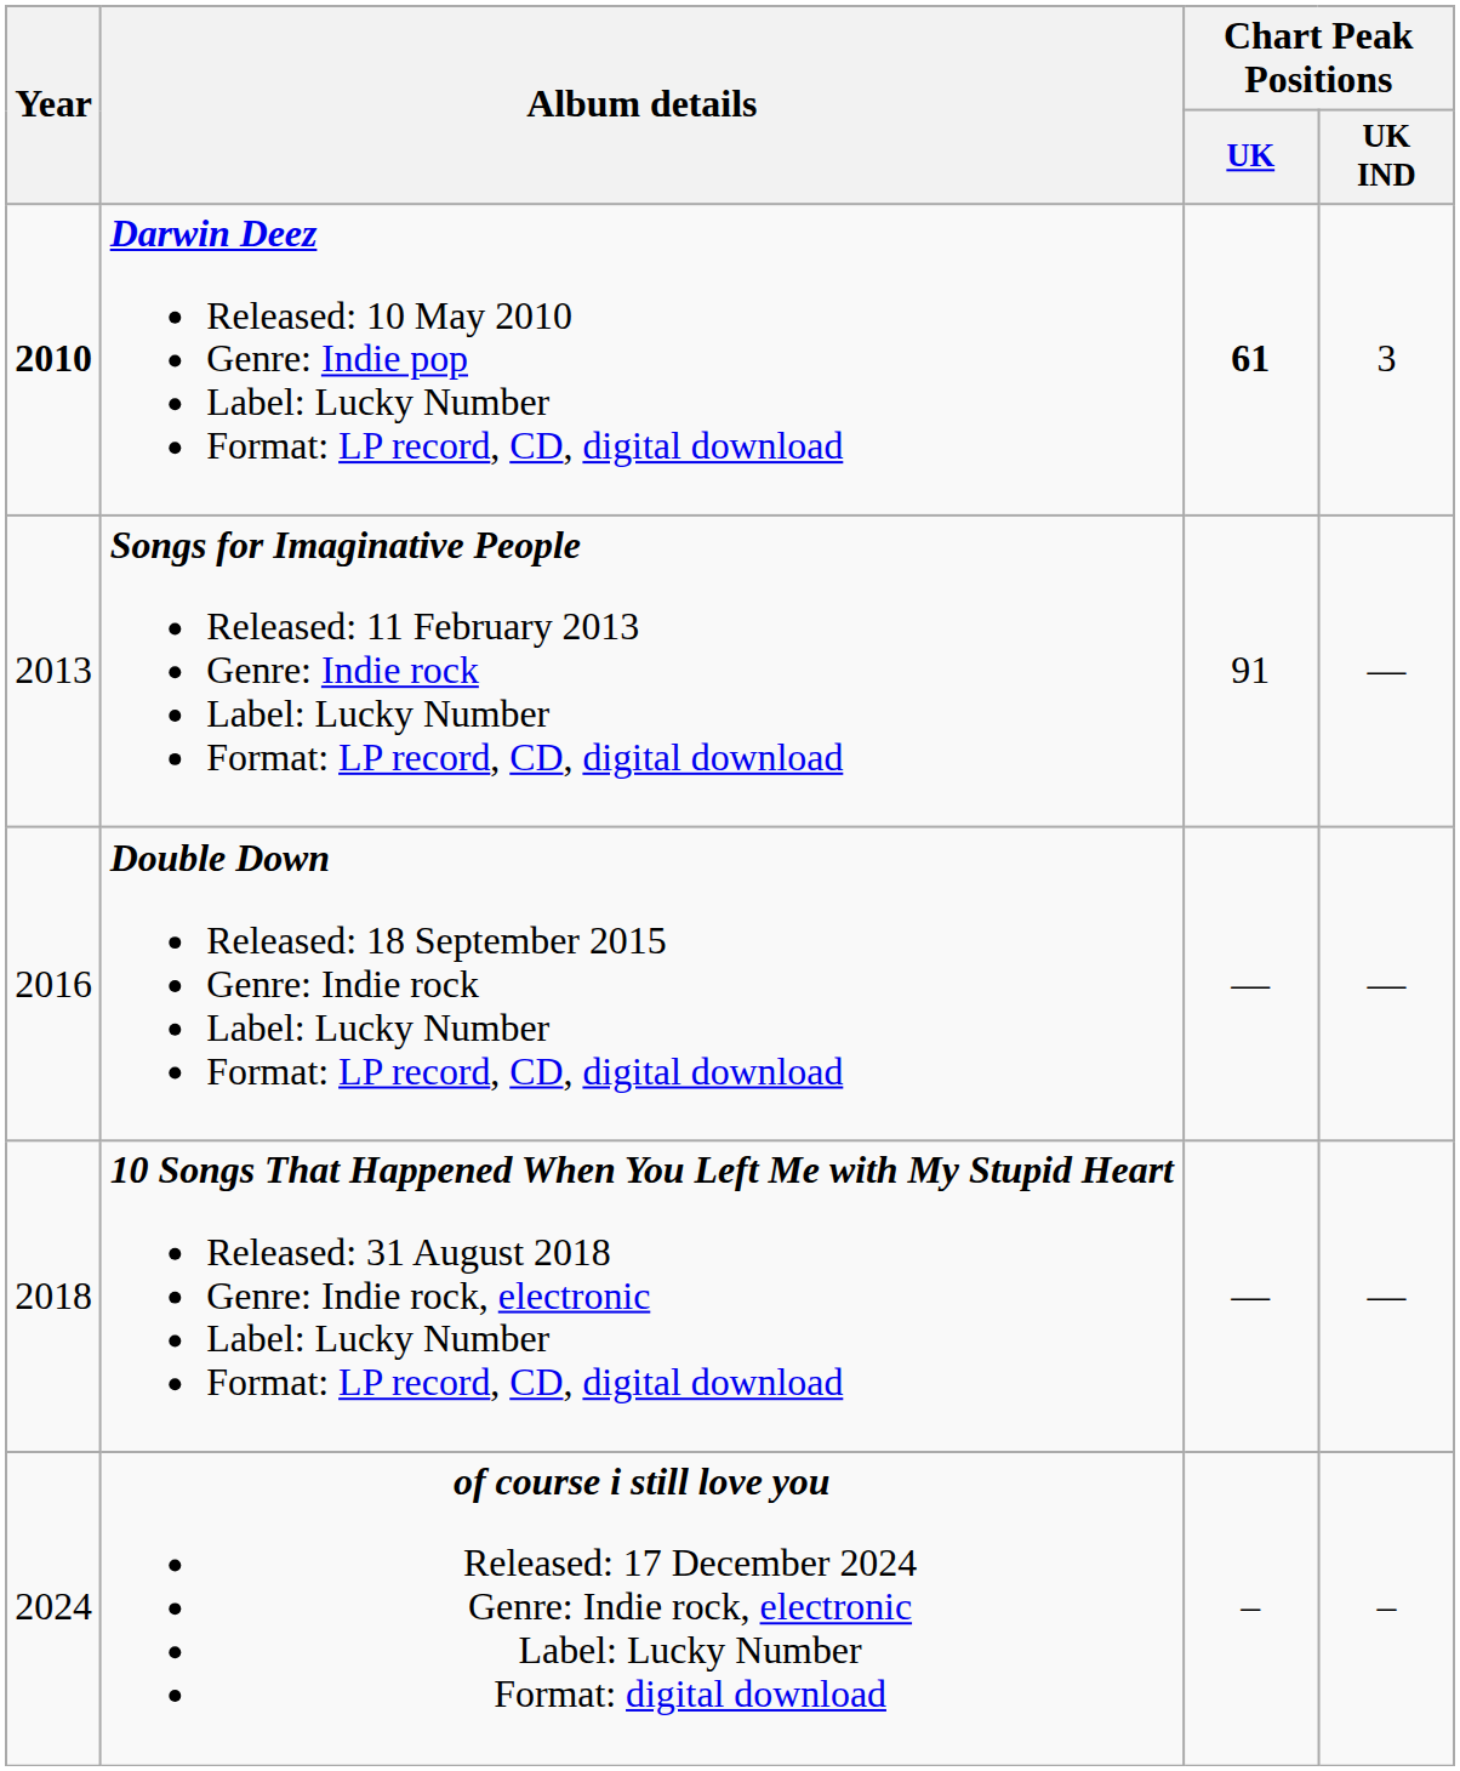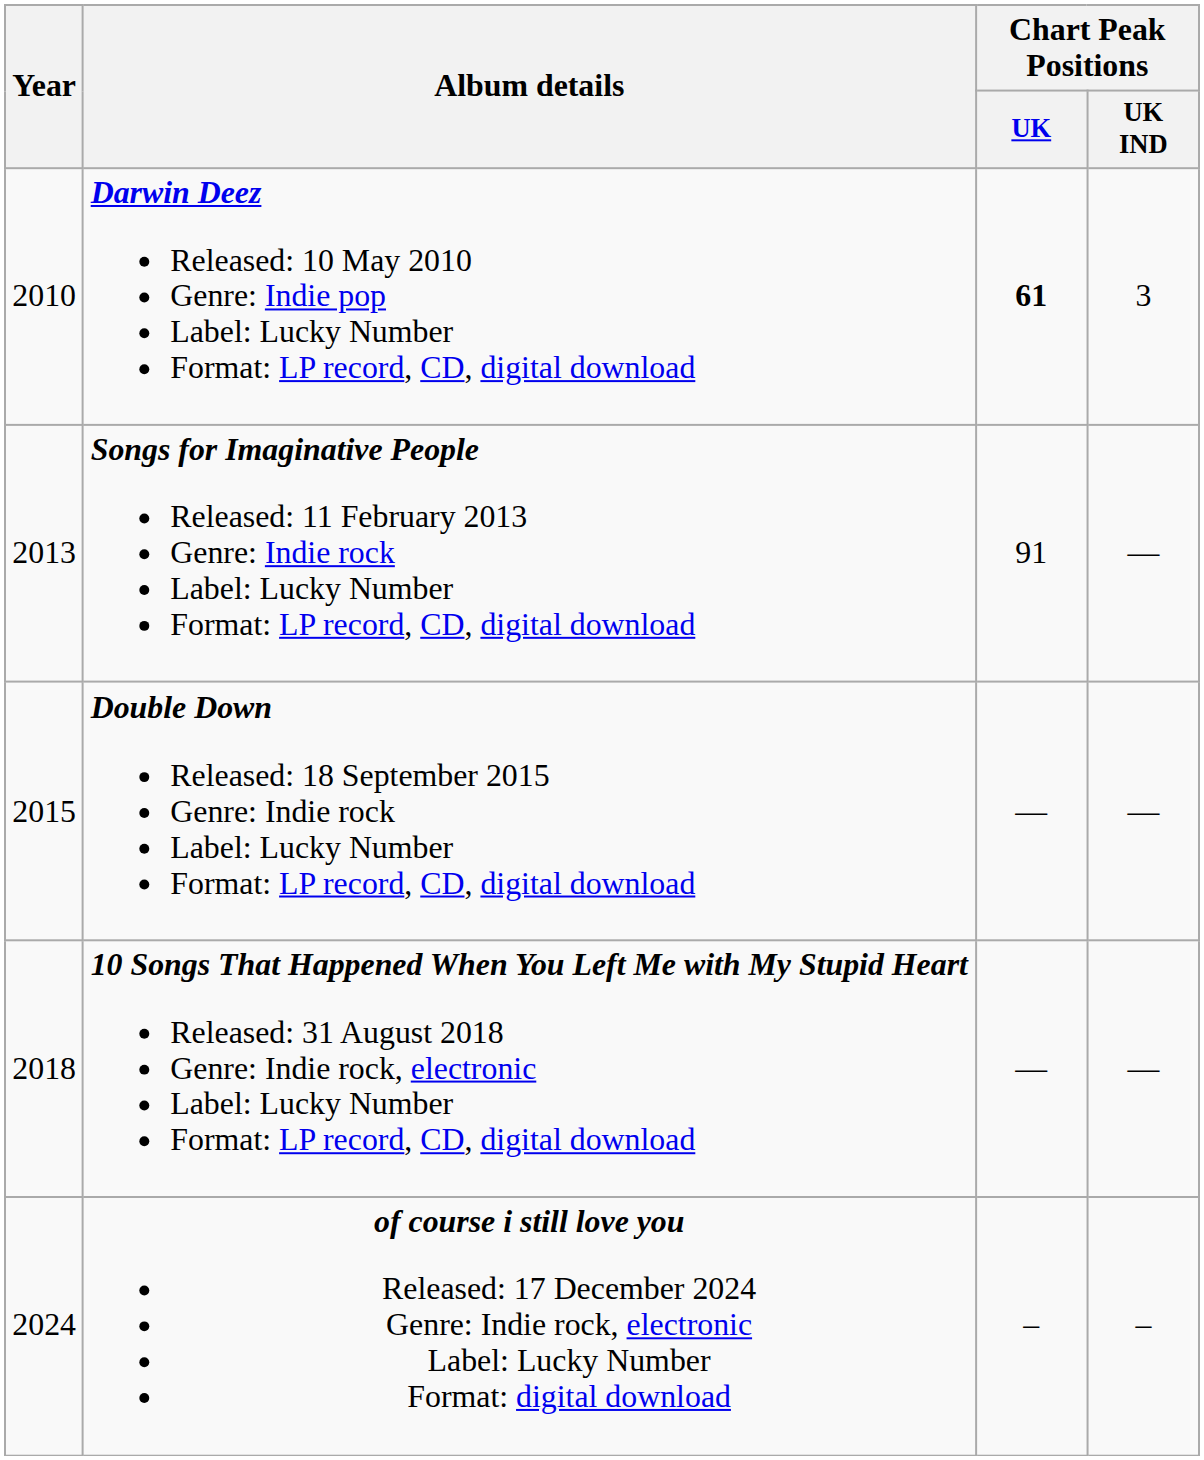 <table class=wikitable style=text-align:center;>
 <tr>
 <th rowspan=2>Year</th>
 <th rowspan=2>Album details</th>
 <th colspan=2>Chart Peak Positions</th>
 </tr>
 <tr style=font-size:smaller;>
 <th width=50><a href='#'>UK</a><br></th>
 <th width=50>UK<br>IND</th>
 </tr>
 <tr>
-<td><strong>2010</strong></td>
+<td>2010</td>
 <td align=left><strong><em><a href='#'>Darwin Deez</a></em></strong><br><ul><li>Released: 10 May 2010</li><li>Genre: <a href='#'>Indie pop</a></li><li>Label: Lucky Number</li><li>Format: <a href='#'>LP record</a>, <a href='#'>CD</a>, <a href='#'>digital download</a></li></ul></td>
 <td style="text-align:center;"><strong>61</strong></td>
 <td style="text-align:center;">3</td>
 </tr>
 <tr>
 <td>2013</td>
 <td align=left><strong><em>Songs for Imaginative People</em></strong><br><ul><li>Released: 11 February 2013</li><li>Genre: <a href='#'>Indie rock</a></li><li>Label: Lucky Number</li><li>Format: <a href='#'>LP record</a>, <a href='#'>CD</a>, <a href='#'>digital download</a></li></ul></td>
 <td style="text-align:center;">91</td>
 <td style="text-align:center;">—</td>
 </tr>
 <tr>
-<td>2016</td>
+<td>2015</td>
 <td align=left><strong><em>Double Down</em></strong><br><ul><li>Released: 18 September 2015</li><li>Genre: Indie rock</li><li>Label: Lucky Number</li><li>Format: <a href='#'>LP record</a>, <a href='#'>CD</a>, <a href='#'>digital download</a></li></ul></td>
 <td style="text-align:center;">—</td>
 <td style="text-align:center;">—</td>
 </tr>
 <tr>
 <td>2018</td>
 <td align=left><strong><em>10 Songs That Happened When You Left Me with My Stupid Heart</em></strong><br><ul><li>Released: 31 August 2018</li><li>Genre: Indie rock, <a href='#'>electronic</a></li><li>Label: Lucky Number</li><li>Format: <a href='#'>LP record</a>, <a href='#'>CD</a>, <a href='#'>digital download</a></li></ul></td>
 <td>—</td>
 <td>—</td>
 </tr>
 <tr>
 <td>2024</td>
 <td><strong><em>of course i still love you</em></strong><br><ul><li>Released: 17 December 2024</li><li>Genre: Indie rock, <a href='#'>electronic</a></li><li>Label: Lucky Number</li><li>Format: <a href='#'>digital download</a></li></ul></td>
 <td>–</td>
 <td>–</td>
 </tr>
 </table>
